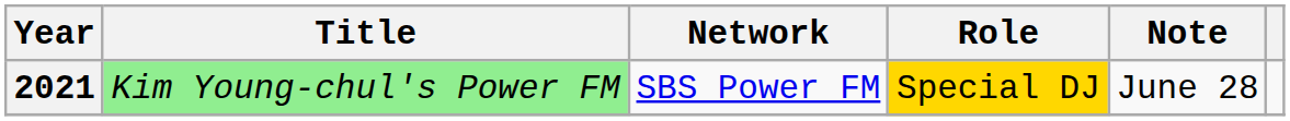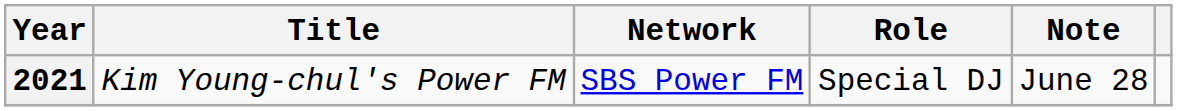 <table class="wikitable plainrowheaders sortable nowrap">
 <tr>
 <th scope="col">Year</th>
 <th scope="col">Title</th>
 <th scope="col">Network</th>
 <th scope="col">Role</th>
 <th scope="col">Note</th>
 <th scope="col" class="unsortable"></th>
 </tr>
 <tr>
 <th scope="row">2021</th>
-<td style="background: lightgreen;"><em>Kim Young-chul's Power FM</em></td>
+<td><em>Kim Young-chul's Power FM</em></td>
 <td><a href='#'>SBS Power FM</a></td>
-<td style="background: gold;">Special DJ</td>
+<td>Special DJ</td>
 <td>June 28</td>
 <td></td>
 </tr>
 <tr>
 </tr>
 </table>
